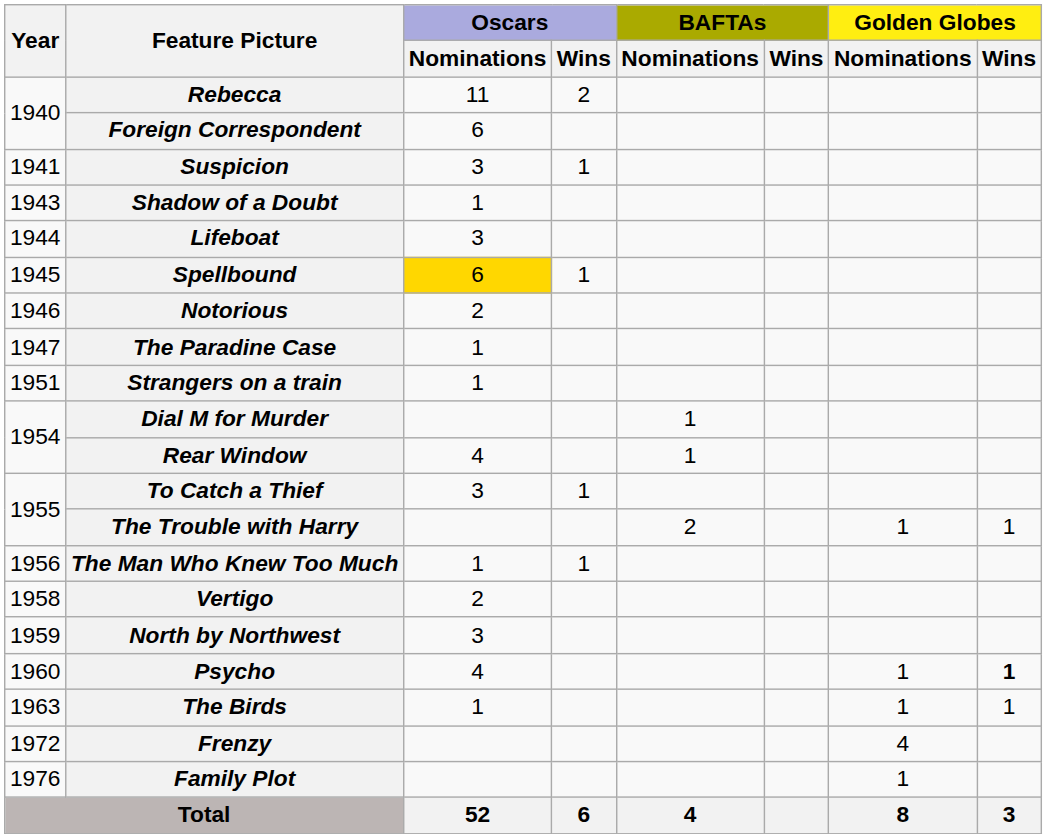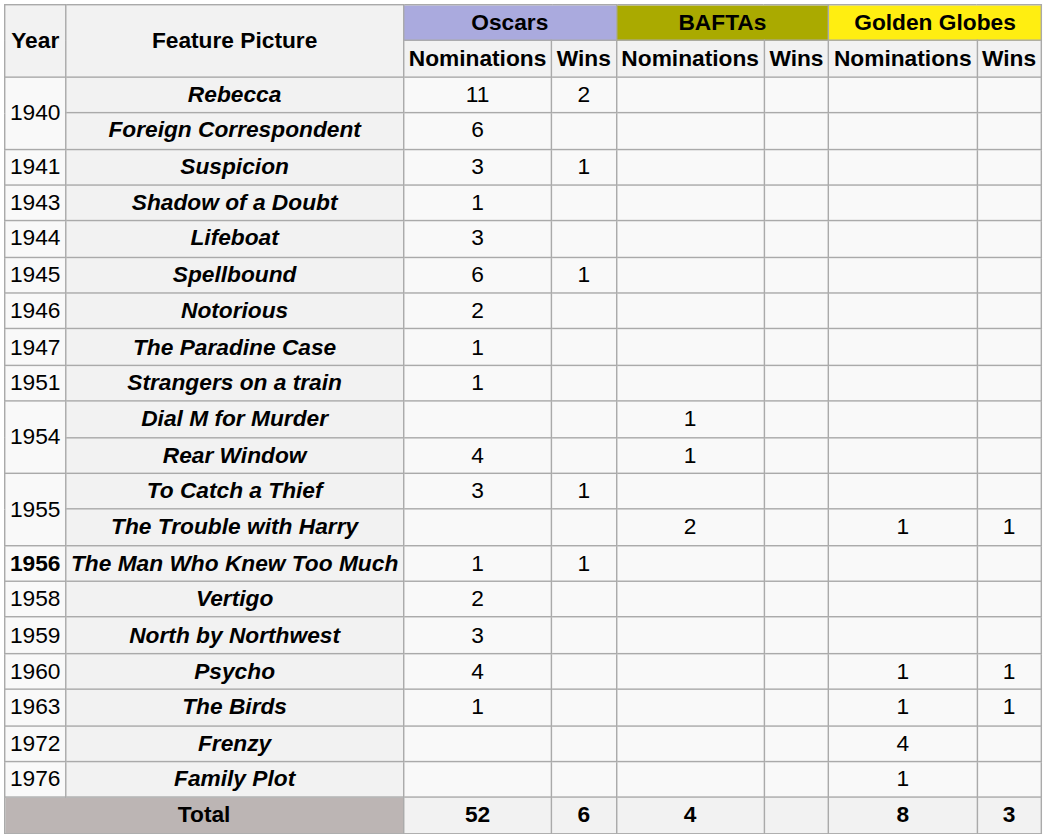 <table class="wikitable plainrowheaders">
 <tr>
 <th rowspan="2">Year</th>
 <th rowspan="2">Feature Picture</th>
 <th colspan="2" style="background-color:#aaaade;">Oscars</th>
 <th colspan="2" style="background-color:#aa0;">BAFTAs</th>
 <th colspan="2" style="background-color:#fe1;">Golden Globes</th>
 </tr>
 <tr>
 <th>Nominations</th>
 <th>Wins</th>
 <th>Nominations</th>
 <th>Wins</th>
 <th>Nominations</th>
 <th>Wins</th>
 </tr>
 <tr>
 <td rowspan="2">1940</td>
 <th scope="row"><em>Rebecca</em></th>
 <td align=center>11</td>
 <td align=center>2</td>
 <td></td>
 <td></td>
 <td></td>
 <td></td>
 </tr>
 <tr>
 <th scope="row"><em>Foreign Correspondent</em></th>
 <td align=center>6</td>
 <td></td>
 <td></td>
 <td></td>
 <td></td>
 <td></td>
 </tr>
 <tr>
 <td>1941</td>
 <th scope="row"><em>Suspicion</em></th>
 <td align=center>3</td>
 <td align=center>1</td>
 <td></td>
 <td></td>
 <td></td>
 <td></td>
 </tr>
 <tr>
 <td>1943</td>
 <th scope="row"><em>Shadow of a Doubt</em></th>
 <td align=center>1</td>
 <td></td>
 <td></td>
 <td></td>
 <td></td>
 <td></td>
 </tr>
 <tr>
 <td>1944</td>
 <th scope="row"><em>Lifeboat</em></th>
 <td align=center>3</td>
 <td></td>
 <td></td>
 <td></td>
 <td></td>
 <td></td>
 </tr>
 <tr>
 <td>1945</td>
 <th scope="row"><em>Spellbound</em></th>
-<td align=center style="background: gold;">6</td>
+<td align=center>6</td>
 <td align=center>1</td>
 <td></td>
 <td></td>
 <td></td>
 <td></td>
 </tr>
 <tr>
 <td>1946</td>
 <th scope="row"><em>Notorious</em></th>
 <td align=center>2</td>
 <td></td>
 <td></td>
 <td></td>
 <td></td>
 <td></td>
 </tr>
 <tr>
 <td>1947</td>
 <th scope="row"><em>The Paradine Case</em></th>
 <td align=center>1</td>
 <td></td>
 <td></td>
 <td></td>
 <td></td>
 <td></td>
 </tr>
 <tr>
 <td>1951</td>
 <th scope="row"><em>Strangers on a train</em></th>
 <td align=center>1</td>
 <td></td>
 <td></td>
 <td></td>
 <td></td>
 <td></td>
 </tr>
 <tr>
 <td rowspan="2">1954</td>
 <th scope="row"><em>Dial M for Murder</em></th>
 <td></td>
 <td></td>
 <td align=center>1</td>
 <td></td>
 <td></td>
 <td></td>
 </tr>
 <tr>
 <th scope="row"><em>Rear Window</em></th>
 <td align=center>4</td>
 <td></td>
 <td align=center>1</td>
 <td></td>
 <td></td>
 <td></td>
 </tr>
 <tr>
 <td rowspan="2">1955</td>
 <th scope="row"><em>To Catch a Thief</em></th>
 <td align=center>3</td>
 <td align=center>1</td>
 <td></td>
 <td></td>
 <td></td>
 <td></td>
 </tr>
 <tr>
 <th scope="row"><em>The Trouble with Harry</em></th>
 <td></td>
 <td></td>
 <td align=center>2</td>
 <td></td>
 <td align=center>1</td>
 <td align=center>1</td>
 </tr>
 <tr>
-<td>1956</td>
+<td><strong>1956</strong></td>
 <th scope="row"><em>The Man Who Knew Too Much</em></th>
 <td align=center>1</td>
 <td align=center>1</td>
 <td></td>
 <td></td>
 <td></td>
 <td></td>
 </tr>
 <tr>
 <td>1958</td>
 <th scope="row"><em>Vertigo</em></th>
 <td align=center>2</td>
 <td></td>
 <td></td>
 <td></td>
 <td></td>
 <td></td>
 </tr>
 <tr>
 <td>1959</td>
 <th scope="row"><em>North by Northwest</em></th>
 <td align=center>3</td>
 <td></td>
 <td></td>
 <td></td>
 <td></td>
 <td></td>
 </tr>
 <tr>
 <td>1960</td>
 <th scope="row"><em>Psycho</em></th>
 <td align=center>4</td>
 <td></td>
 <td></td>
 <td></td>
 <td align=center>1</td>
-<td align=center><strong>1</strong></td>
+<td align=center>1</td>
 </tr>
 <tr>
 <td>1963</td>
 <th scope="row"><em>The Birds</em></th>
 <td align=center>1</td>
 <td></td>
 <td></td>
 <td></td>
 <td align=center>1</td>
 <td align=center>1</td>
 </tr>
 <tr>
 <td>1972</td>
 <th scope="row"><em>Frenzy</em></th>
 <td></td>
 <td></td>
 <td></td>
 <td></td>
 <td align=center>4</td>
 <td></td>
 </tr>
 <tr>
 <td>1976</td>
 <th scope="row"><em>Family Plot</em></th>
 <td></td>
 <td></td>
 <td></td>
 <td></td>
 <td align=center>1</td>
 <td></td>
 </tr>
 <tr>
 <th colspan="2" style="background-color:#bcb5b4;">Total</th>
 <th>52</th>
 <th>6</th>
 <th>4</th>
 <th></th>
 <th>8</th>
 <th>3</th>
 </tr>
 <tr>
 </tr>
 </table>
